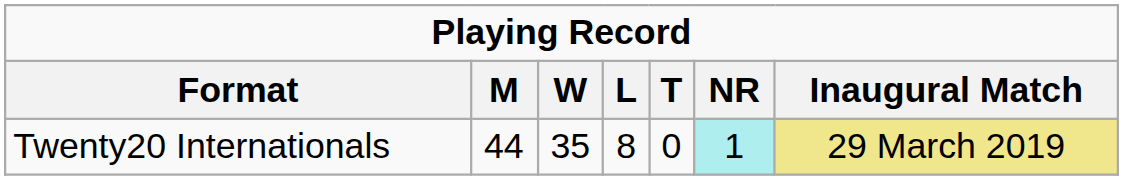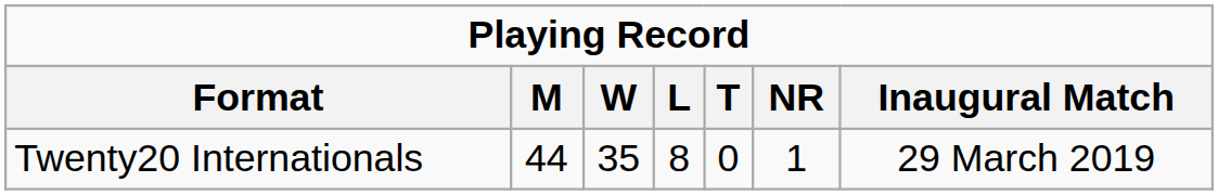 <table class="wikitable" style="text-align: center; width: 500px;">
 <tr>
 <td colspan=7 align="center"><strong>Playing Record</strong></td>
 </tr>
 <tr>
 <th>Format</th>
 <th>M</th>
 <th>W</th>
 <th>L</th>
 <th>T</th>
 <th>NR</th>
 <th>Inaugural Match</th>
 </tr>
 <tr>
 <td align="left">Twenty20 Internationals</td>
 <td>44</td>
 <td>35</td>
 <td>8</td>
 <td>0</td>
-<td style="background: paleturquoise;">1</td>
-<td style="background: khaki;">29 March 2019</td>
+<td>1</td>
+<td>29 March 2019</td>
 </tr>
 </table>
